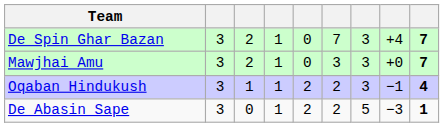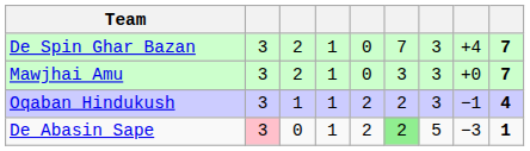 <table class="wikitable" style="text-align: center">
 <tr>
 <th width=175>Team</th>
 <th width=20></th>
 <th width=20></th>
 <th width=20></th>
 <th width=20></th>
 <th width=20></th>
 <th width=20></th>
 <th width=20></th>
 <th width=20></th>
 </tr>
 <tr style="background:#cfc;">
 <td align=left><a href='#'>De Spin Ghar Bazan</a></td>
 <td>3</td>
 <td>2</td>
 <td>1</td>
 <td>0</td>
 <td>7</td>
 <td>3</td>
 <td>+4</td>
 <td><strong>7</strong></td>
 </tr>
 <tr style="background:#cfc;">
 <td align=left><a href='#'>Mawjhai Amu</a></td>
 <td>3</td>
 <td>2</td>
 <td>1</td>
 <td>0</td>
 <td>3</td>
 <td>3</td>
 <td>+0</td>
 <td><strong>7</strong></td>
 </tr>
 <tr style="background:#ccf;">
 <td align=left><a href='#'>Oqaban Hindukush</a></td>
 <td>3</td>
 <td>1</td>
 <td>1</td>
 <td>2</td>
 <td>2</td>
 <td>3</td>
 <td>−1</td>
 <td><strong>4</strong></td>
 </tr>
 <tr>
 <td align=left><a href='#'>De Abasin Sape</a></td>
-<td>3</td>
+<td style="background: pink;">3</td>
 <td>0</td>
 <td>1</td>
 <td>2</td>
-<td>2</td>
+<td style="background: lightgreen;">2</td>
 <td>5</td>
 <td>−3</td>
 <td><strong>1</strong></td>
 </tr>
 </table>
